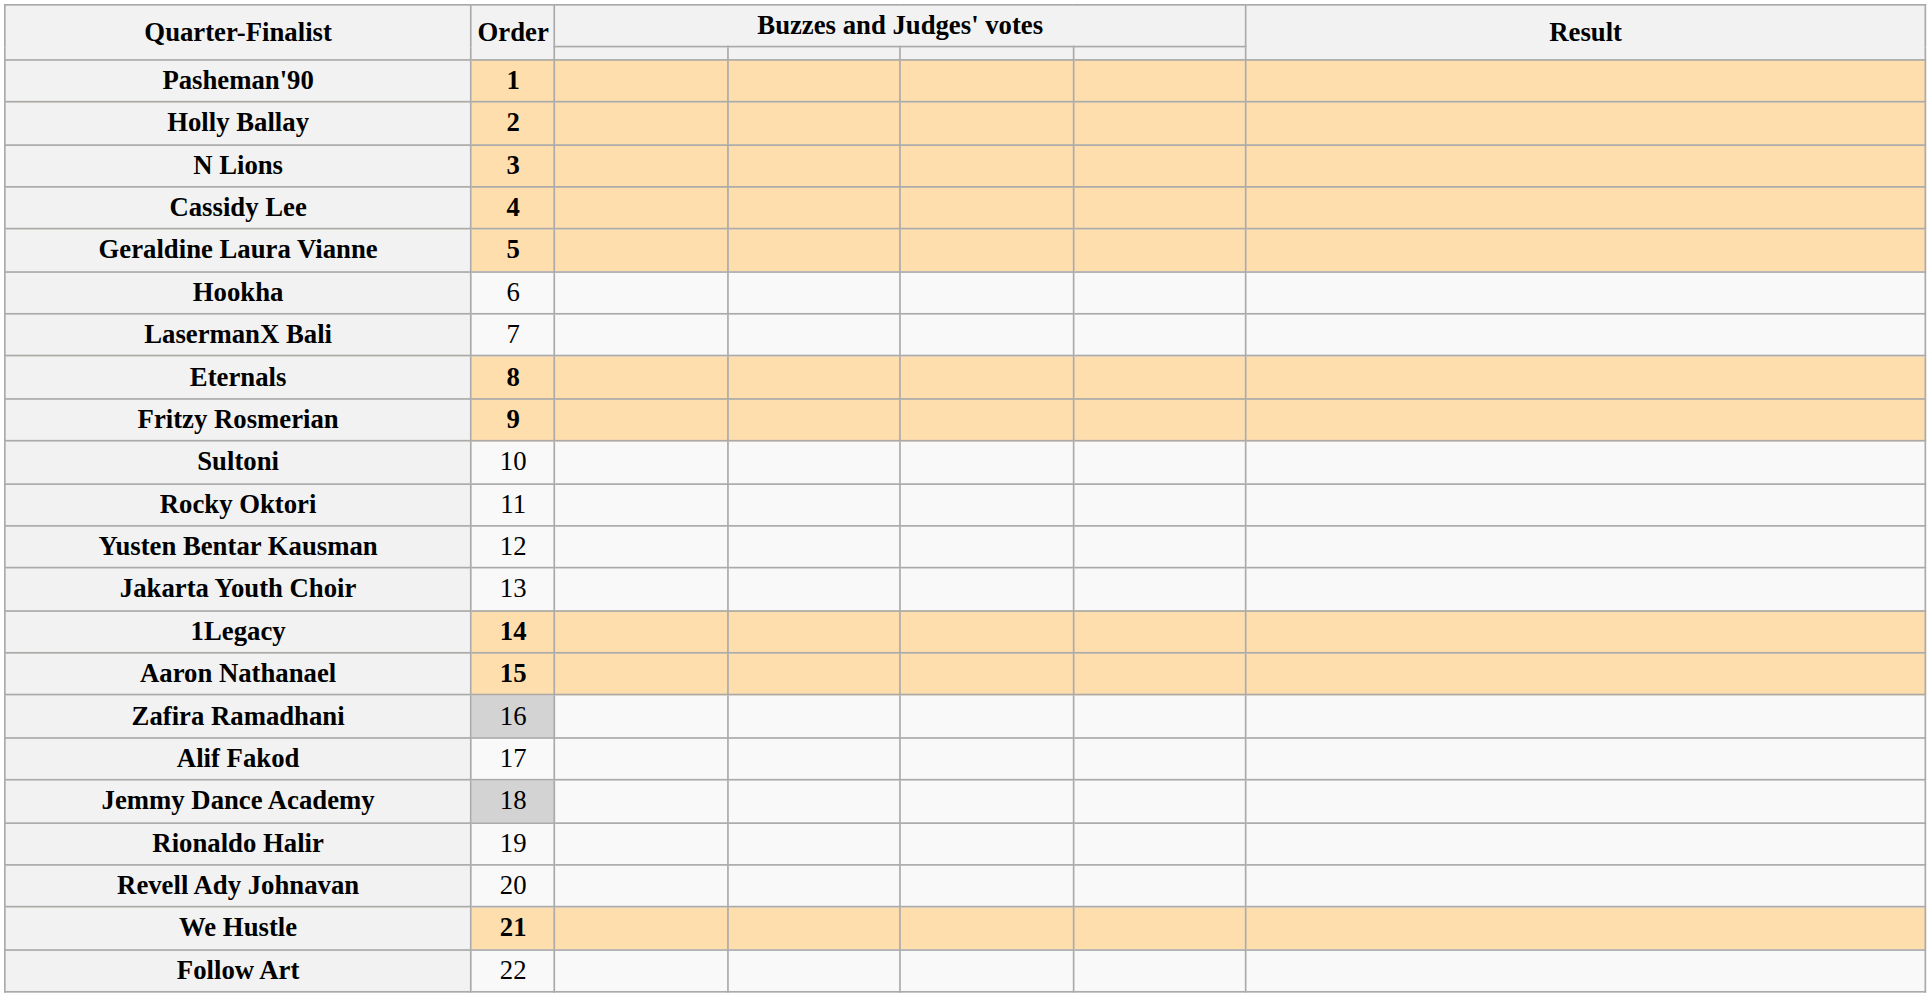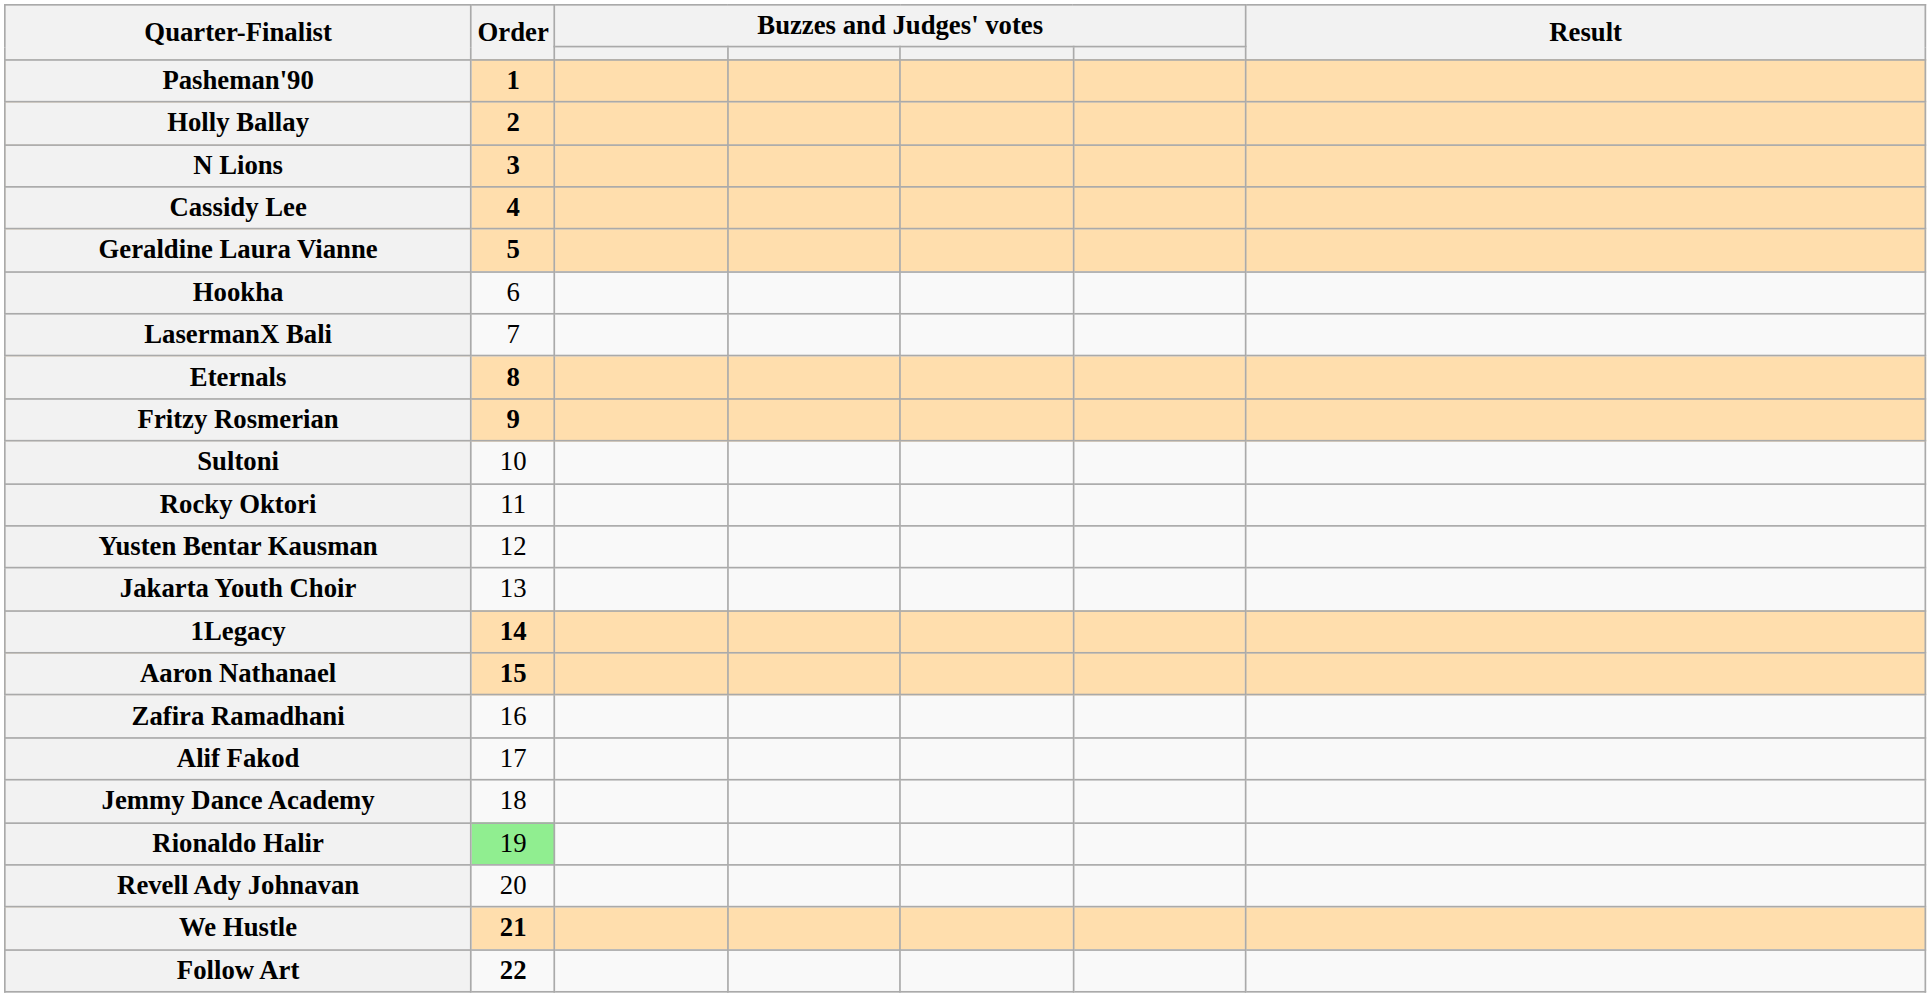 <table class="wikitable plainrowheaders sortable" style="text-align:center;">
 <tr>
 <th scope="col" rowspan="2" class="unsortable" style="width:17em;">Quarter-Finalist</th>
 <th scope="col" rowspan="2" style="width:1em;">Order</th>
 <th scope="col" colspan="4" class="unsortable" style="width:24em;">Buzzes and Judges' votes</th>
 <th scope="col" rowspan="2" style="width:25em;">Result</th>
 </tr>
 <tr>
 <th scope="col" class="unsortable" style="width:6em;"></th>
 <th scope="col" class="unsortable" style="width:6em;"></th>
 <th scope="col" class="unsortable" style="width:6em;"></th>
 <th scope="col" class="unsortable" style="width:6em;"></th>
 </tr>
 <tr style="background:NavajoWhite">
 <th scope="row"><strong>Pasheman'90</strong></th>
 <td><strong>1</strong></td>
 <td style="text-align:center;"></td>
 <td style="text-align:center;"></td>
 <td style="text-align:center;"></td>
 <td style="text-align:center;"></td>
 <td></td>
 </tr>
 <tr style="background:NavajoWhite">
 <th scope="row"><strong>Holly Ballay</strong></th>
 <td><strong>2</strong></td>
 <td style="text-align:center;"></td>
 <td style="text-align:center;"></td>
 <td style="text-align:center;"></td>
 <td style="text-align:center;"></td>
 <td></td>
 </tr>
 <tr style="background:NavajoWhite">
 <th scope="row"><strong>N Lions</strong></th>
 <td><strong>3</strong></td>
 <td style="text-align:center;"></td>
 <td style="text-align:center;"></td>
 <td style="text-align:center;"></td>
 <td style="text-align:center;"></td>
 <td></td>
 </tr>
 <tr style="background:NavajoWhite">
 <th scope="row"><strong>Cassidy Lee</strong></th>
 <td><strong>4</strong></td>
 <td style="text-align:center;"></td>
 <td style="text-align:center;"></td>
 <td style="text-align:center;"></td>
 <td style="text-align:center;"></td>
 <td></td>
 </tr>
 <tr style="background:NavajoWhite">
 <th scope="row"><strong>Geraldine Laura Vianne</strong></th>
 <td><strong>5</strong></td>
 <td style="text-align:center;"></td>
 <td style="text-align:center;"></td>
 <td style="text-align:center;"></td>
 <td style="text-align:center;"></td>
 <td></td>
 </tr>
 <tr>
 <th scope="row">Hookha</th>
 <td>6</td>
 <td style="text-align:center;"></td>
 <td style="text-align:center;"></td>
 <td style="text-align:center;"></td>
 <td style="text-align:center;"></td>
 <td></td>
 </tr>
 <tr>
 <th scope="row">LasermanX Bali</th>
 <td>7</td>
 <td style="text-align:center;"></td>
 <td style="text-align:center;"></td>
 <td style="text-align:center;"></td>
 <td style="text-align:center;"></td>
 <td></td>
 </tr>
 <tr style="background:NavajoWhite">
 <th scope="row"><strong>Eternals</strong></th>
 <td><strong>8</strong></td>
 <td style="text-align:center;"></td>
 <td style="text-align:center;"></td>
 <td style="text-align:center;"></td>
 <td style="text-align:center;"></td>
 <td></td>
 </tr>
 <tr style="background:NavajoWhite">
 <th scope="row"><strong>Fritzy Rosmerian</strong></th>
 <td><strong>9</strong></td>
 <td style="text-align:center;"></td>
 <td style="text-align:center;"></td>
 <td style="text-align:center;"></td>
 <td style="text-align:center;"></td>
 <td></td>
 </tr>
 <tr>
 <th scope="row">Sultoni</th>
 <td>10</td>
 <td style="text-align:center;"></td>
 <td style="text-align:center;"></td>
 <td style="text-align:center;"></td>
 <td style="text-align:center;"></td>
 <td></td>
 </tr>
 <tr>
 <th scope="row">Rocky Oktori</th>
 <td>11</td>
 <td style="text-align:center;"></td>
 <td style="text-align:center;"></td>
 <td style="text-align:center;"></td>
 <td style="text-align:center;"></td>
 <td></td>
 </tr>
 <tr>
 <th scope="row">Yusten Bentar Kausman</th>
 <td>12</td>
 <td style="text-align:center;"></td>
 <td style="text-align:center;"></td>
 <td style="text-align:center;"></td>
 <td style="text-align:center;"></td>
 <td></td>
 </tr>
 <tr>
 <th scope="row">Jakarta Youth Choir</th>
 <td>13</td>
 <td style="text-align:center;"></td>
 <td style="text-align:center;"></td>
 <td style="text-align:center;"></td>
 <td style="text-align:center;"></td>
 <td></td>
 </tr>
 <tr style="background:NavajoWhite">
 <th scope="row"><strong>1Legacy</strong></th>
 <td><strong>14</strong></td>
 <td style="text-align:center;"></td>
 <td style="text-align:center;"></td>
 <td style="text-align:center;"></td>
 <td style="text-align:center;"></td>
 <td></td>
 </tr>
 <tr style="background:NavajoWhite">
 <th scope="row"><strong>Aaron Nathanael</strong></th>
 <td><strong>15</strong></td>
 <td style="text-align:center;"></td>
 <td style="text-align:center;"></td>
 <td style="text-align:center;"></td>
 <td style="text-align:center;"></td>
 <td></td>
 </tr>
 <tr>
 <th scope="row">Zafira Ramadhani</th>
-<td style="background: lightgrey;">16</td>
+<td>16</td>
 <td style="text-align:center;"></td>
 <td style="text-align:center;"></td>
 <td style="text-align:center;"></td>
 <td style="text-align:center;"></td>
 <td></td>
 </tr>
 <tr>
 <th scope="row">Alif Fakod</th>
 <td>17</td>
 <td style="text-align:center;"></td>
 <td style="text-align:center;"></td>
 <td style="text-align:center;"></td>
 <td style="text-align:center;"></td>
 <td></td>
 </tr>
 <tr>
 <th scope="row">Jemmy Dance Academy</th>
-<td style="background: lightgrey;">18</td>
+<td>18</td>
 <td style="text-align:center;"></td>
 <td style="text-align:center;"></td>
 <td style="text-align:center;"></td>
 <td style="text-align:center;"></td>
 <td></td>
 </tr>
 <tr>
 <th scope="row">Rionaldo Halir</th>
-<td>19</td>
+<td style="background: lightgreen;">19</td>
 <td style="text-align:center;"></td>
 <td style="text-align:center;"></td>
 <td style="text-align:center;"></td>
 <td style="text-align:center;"></td>
 <td></td>
 </tr>
 <tr>
 <th scope="row">Revell Ady Johnavan</th>
 <td>20</td>
 <td style="text-align:center;"></td>
 <td style="text-align:center;"></td>
 <td style="text-align:center;"></td>
 <td style="text-align:center;"></td>
 <td></td>
 </tr>
 <tr style="background:NavajoWhite">
 <th scope="row"><strong>We Hustle</strong></th>
 <td><strong>21</strong></td>
 <td style="text-align:center;"></td>
 <td style="text-align:center;"></td>
 <td style="text-align:center;"></td>
 <td style="text-align:center;"></td>
 <td></td>
 </tr>
 <tr>
 <th scope="row">Follow Art </th>
-<td>22</td>
+<td><strong>22</strong></td>
 <td style="text-align:center;"></td>
 <td style="text-align:center;"></td>
 <td style="text-align:center;"></td>
 <td style="text-align:center;"></td>
 <td></td>
 </tr>
 </table>
